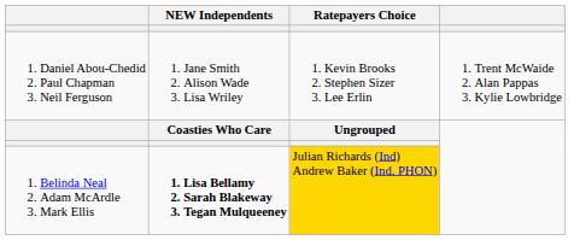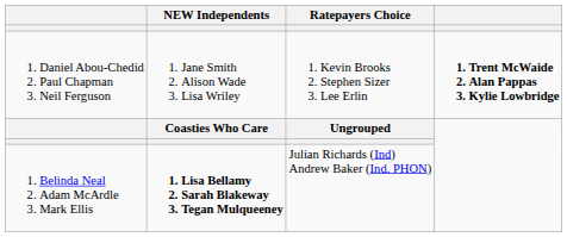 <table class=wikitable>
 <tr>
 <th></th>
 <th>NEW Independents</th>
 <th>Ratepayers Choice</th>
 <th></th>
 </tr>
 <tr style=background:#ccc>
 <th></th>
 <th></th>
 <th></th>
 <th></th>
 </tr>
 <tr>
 <td valign=top><br><ol><li>Daniel Abou-Chedid</li><li>Paul Chapman</li><li>Neil Ferguson</li></ol></td>
 <td valign=top><br><ol><li>Jane Smith</li><li>Alison Wade</li><li>Lisa Wriley</li></ol></td>
 <td valign=top><br><ol><li>Kevin Brooks</li><li>Stephen Sizer</li><li>Lee Erlin</li></ol></td>
-<td valign=top><br><ol><li>Trent McWaide</li><li>Alan Pappas</li><li>Kylie Lowbridge</li></ol></td>
+<td valign=top><strong><br><ol><li>Trent McWaide</li><li>Alan Pappas</li><li>Kylie Lowbridge</li></ol></strong></td>
 </tr>
 <tr>
 <th></th>
 <th>Coasties Who Care</th>
 <th>Ungrouped</th>
 </tr>
 <tr style=background:#ccc>
 <th></th>
 <th></th>
 <th></th>
 </tr>
 <tr>
 <td valign=top><br><ol><li><a href='#'>Belinda Neal</a></li><li>Adam McArdle</li><li>Mark Ellis</li></ol></td>
 <td valign=top><strong><br><ol><li>Lisa Bellamy</li><li>Sarah Blakeway</li><li>Tegan Mulqueeney</li></ol></strong></td>
-<td valign=top style="background: gold;">Julian Richards (<a href='#'>Ind</a>) <br> Andrew Baker (<a href='#'>Ind. PHON</a>)</td>
+<td valign=top>Julian Richards (<a href='#'>Ind</a>) <br> Andrew Baker (<a href='#'>Ind. PHON</a>)</td>
 </tr>
 </table>
